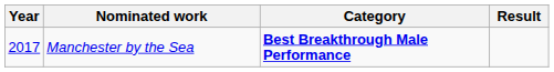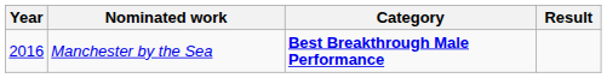 <table class="wikitable">
 <tr>
 <th scope="col" style="width:1em;">Year</th>
 <th scope="col" style="width:35em;">Nominated work</th>
 <th scope="col" style="width:35em;">Category</th>
 <th scope="col" style="width:5em;">Result</th>
 </tr>
 <tr>
-<td><a href='#'>2017</a></td>
+<td><a href='#'>2016</a></td>
 <td><em><a href='#'>Manchester by the Sea</a></em></td>
 <td><strong><a href='#'>Best Breakthrough Male Performance</a></strong></td>
 <td></td>
 </tr>
 </table>
